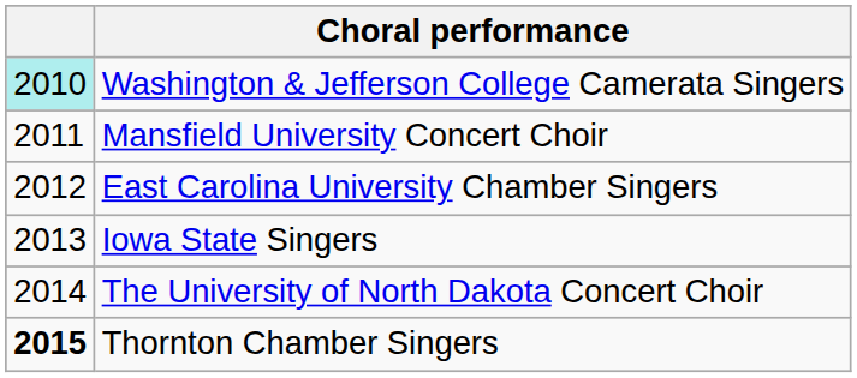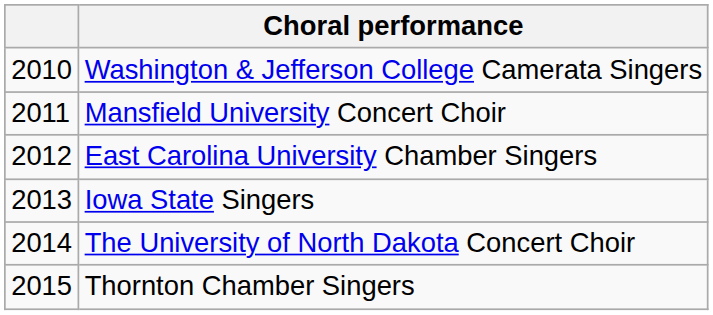 <table class="wikitable">
 <tr>
 <th></th>
 <th>Choral performance</th>
 </tr>
 <tr>
-<td style="background: paleturquoise;">2010</td>
+<td>2010</td>
 <td><a href='#'>Washington & Jefferson College</a> Camerata Singers</td>
 </tr>
 <tr>
 <td>2011</td>
 <td><a href='#'>Mansfield University</a> Concert Choir</td>
 </tr>
 <tr>
 <td>2012</td>
 <td><a href='#'>East Carolina University</a> Chamber Singers</td>
 </tr>
 <tr>
 <td>2013</td>
 <td><a href='#'>Iowa State</a> Singers</td>
 </tr>
 <tr>
 <td>2014</td>
 <td><a href='#'>The University of North Dakota</a> Concert Choir</td>
 </tr>
 <tr>
-<td><strong>2015</strong></td>
+<td>2015</td>
 <td> Thornton Chamber Singers</td>
 </tr>
 </table>
